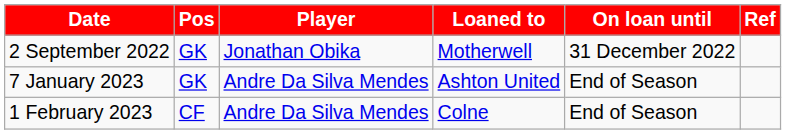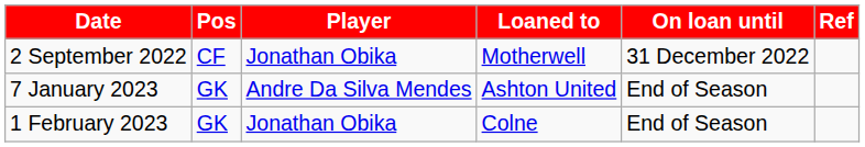 <table class="wikitable plainrowheaders sortable">
 <tr>
 <th style="background:#FF0000; color:#ffffff; ">Date</th>
 <th style="background:#FF0000; color:#ffffff; ">Pos</th>
 <th style="background:#FF0000; color:#ffffff; ">Player</th>
 <th style="background:#FF0000; color:#ffffff; ">Loaned to</th>
 <th style="background:#FF0000; color:#ffffff; ">On loan until</th>
 <th style="background:#FF0000; color:#ffffff; ">Ref</th>
 </tr>
 <tr>
 <td>2 September 2022</td>
-<td><a href='#'>GK</a></td>
+<td><a href='#'>CF</a></td>
 <td> <a href='#'>Jonathan Obika</a></td>
 <td> <a href='#'>Motherwell</a></td>
 <td>31 December 2022</td>
 <td></td>
 </tr>
 <tr>
 <td>7 January 2023</td>
 <td><a href='#'>GK</a></td>
 <td> <a href='#'>Andre Da Silva Mendes</a></td>
 <td> <a href='#'>Ashton United</a></td>
 <td>End of Season</td>
 <td></td>
 </tr>
 <tr>
 <td>1 February 2023</td>
-<td><a href='#'>CF</a></td>
-<td> <a href='#'>Andre Da Silva Mendes</a></td>
+<td><a href='#'>GK</a></td>
+<td> <a href='#'>Jonathan Obika</a></td>
 <td> <a href='#'>Colne</a></td>
 <td>End of Season</td>
 <td></td>
 </tr>
 </table>
